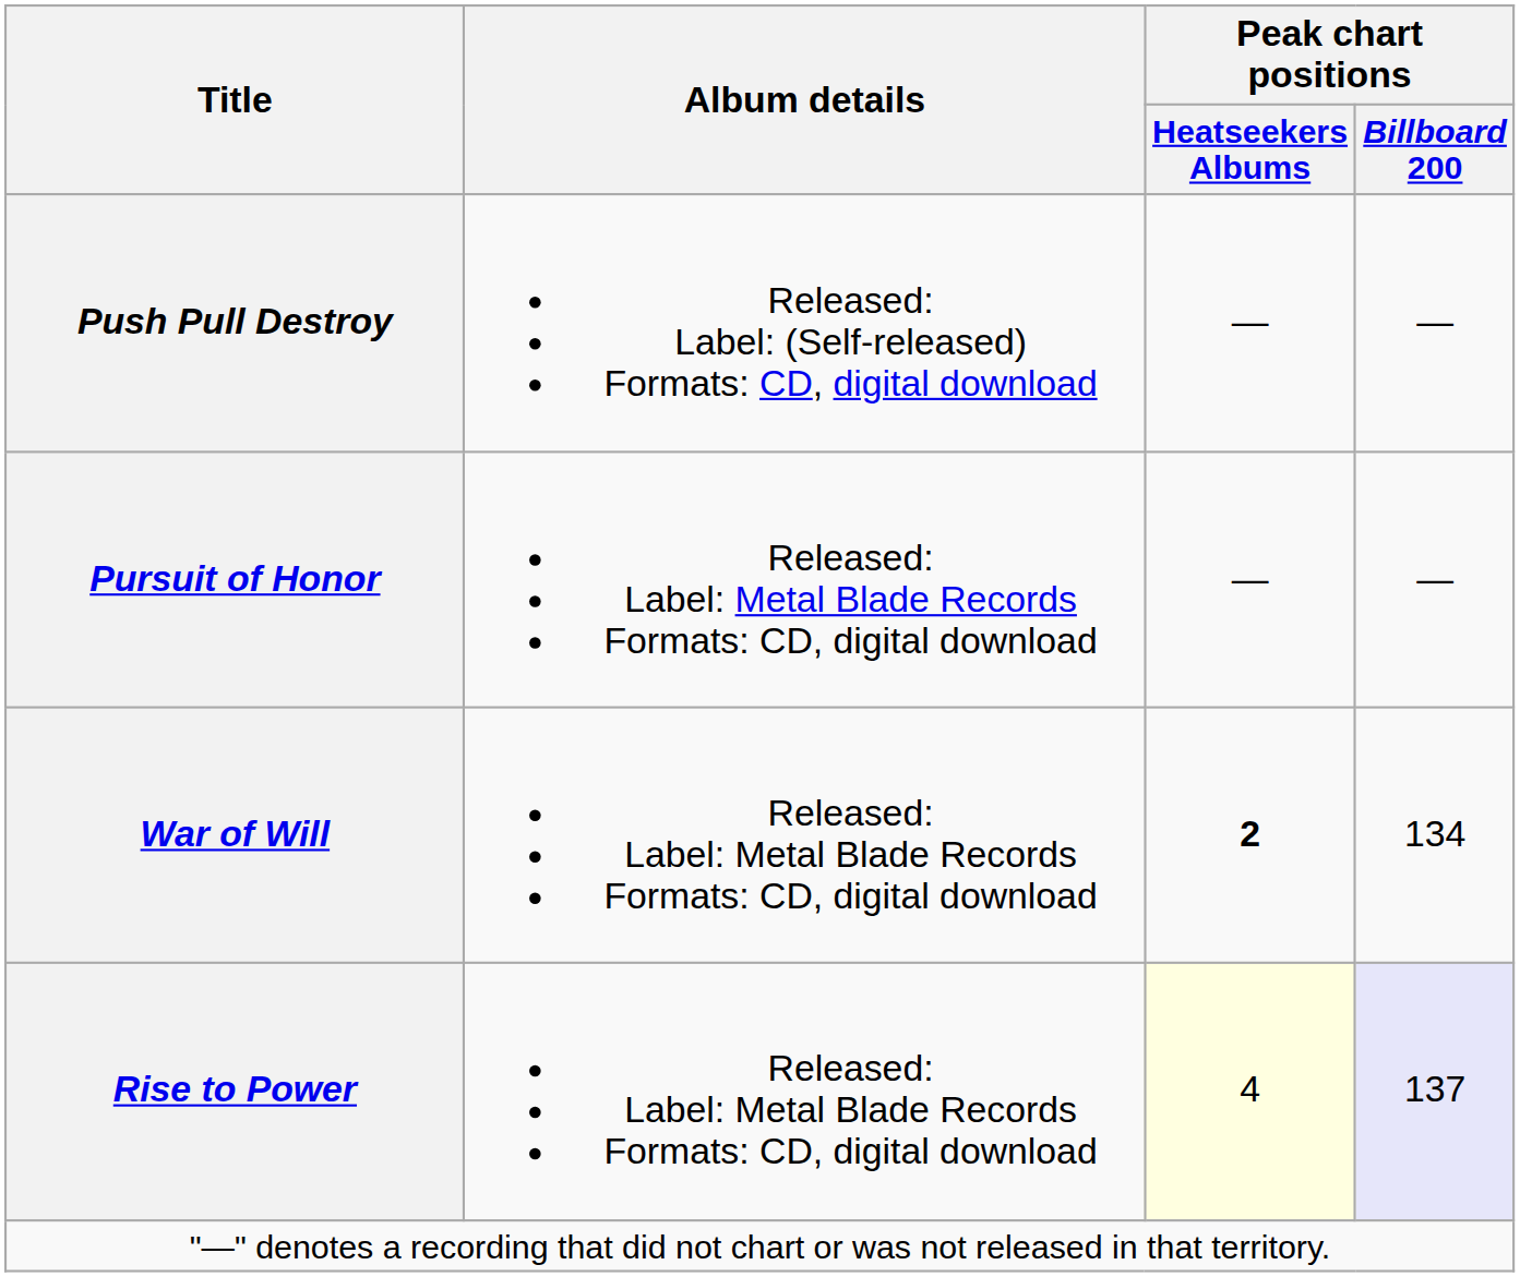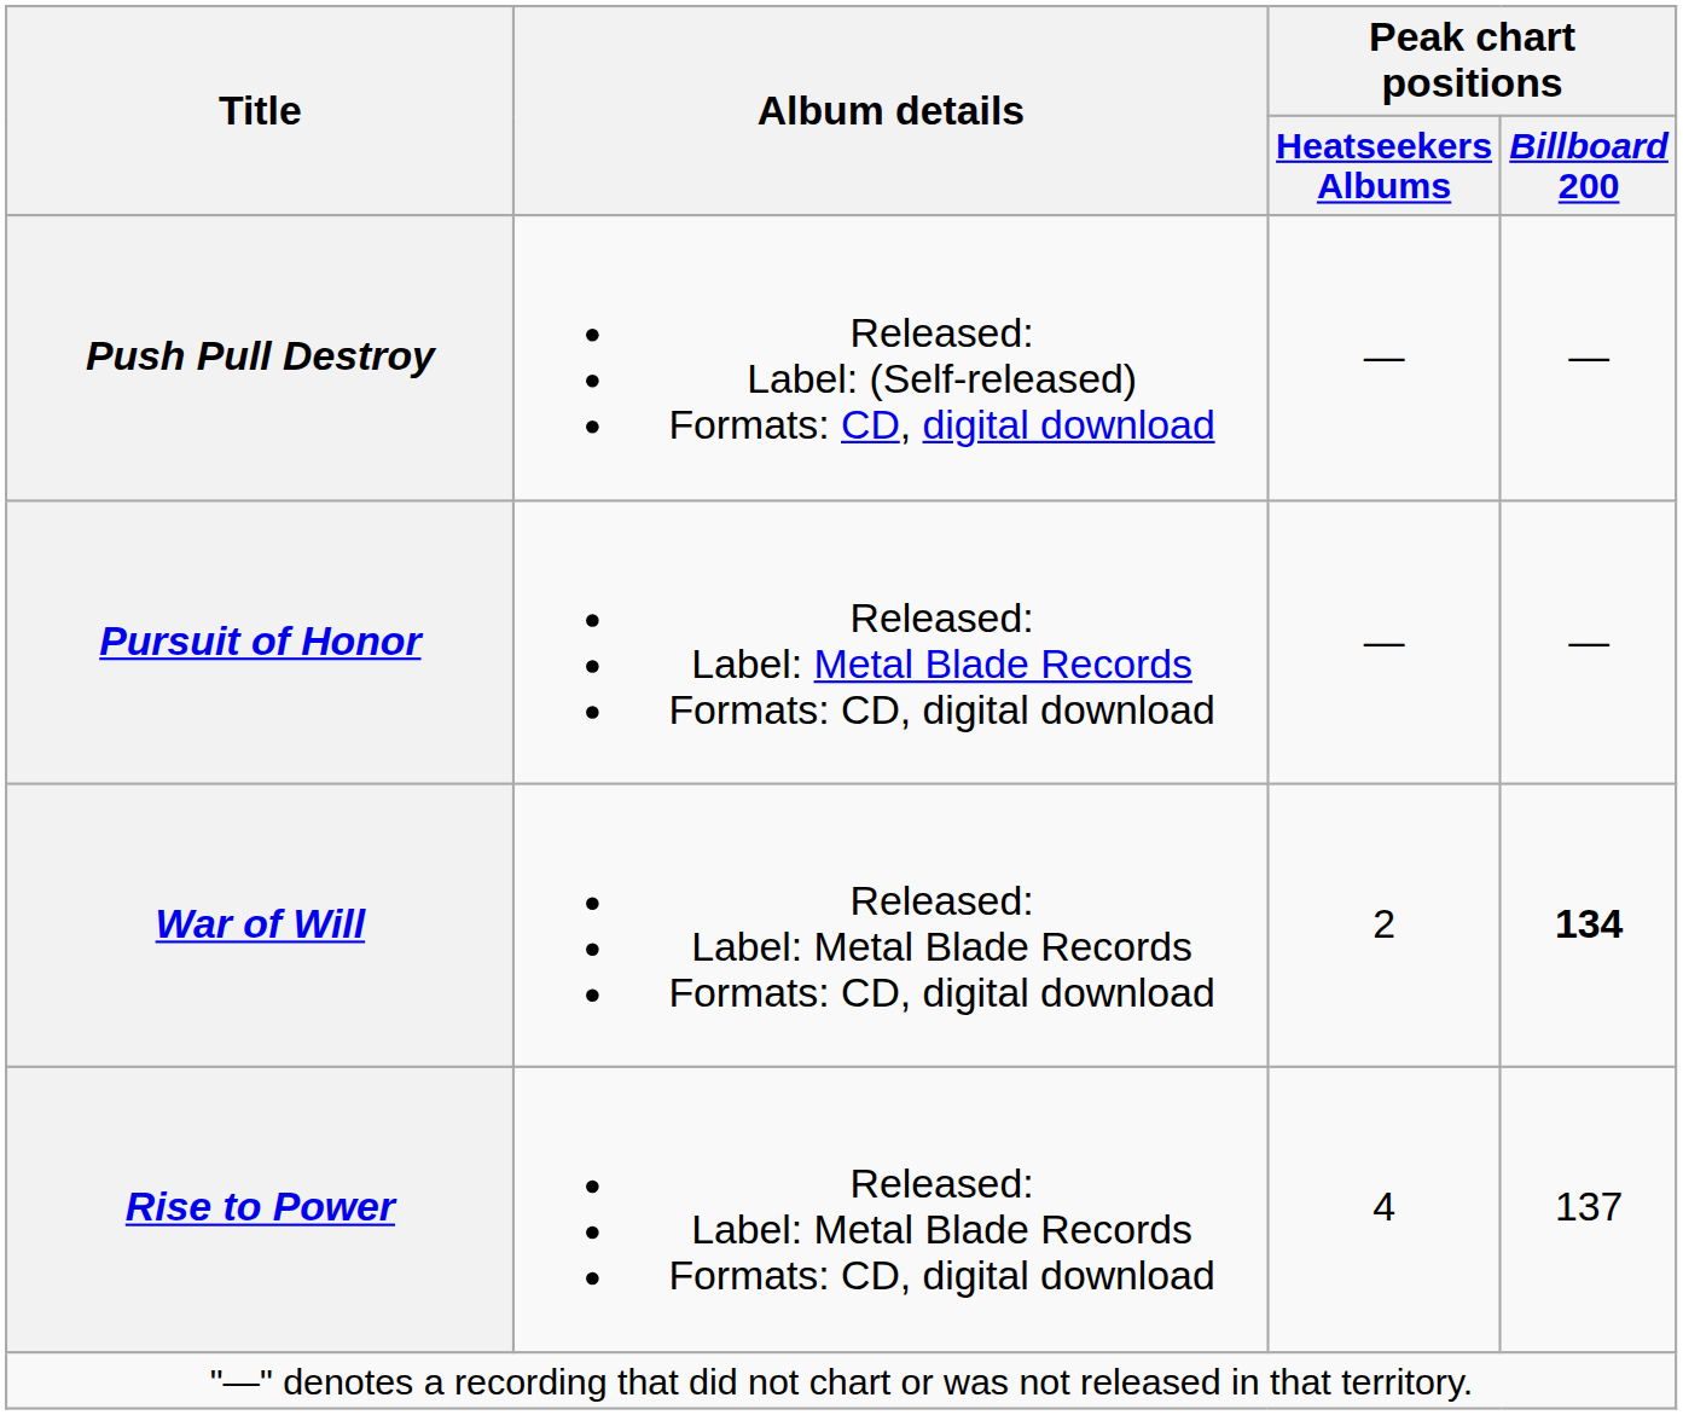 <table class="wikitable plainrowheaders" style="text-align:center;">
 <tr>
 <th scope="col" rowspan="2" style="width:12em;">Title</th>
 <th scope="col" rowspan="2" style="width:18em;">Album details</th>
 <th scope="col" colspan="2">Peak chart positions</th>
 </tr>
 <tr>
 <th scope="col" style="width:3em;font-size:90%;"><a href='#'>Heatseekers Albums</a><br></th>
 <th scope="col" style="width:3em;font-size:90%;"><a href='#'><em>Billboard</em> 200</a><br></th>
 </tr>
 <tr>
 <th scope="row"><em>Push Pull Destroy</em></th>
 <td><br><ul><li>Released: </li><li>Label: (Self-released)</li><li>Formats: <a href='#'>CD</a>, <a href='#'>digital download</a></li></ul></td>
 <td>—</td>
 <td>—</td>
 </tr>
 <tr>
 <th scope="row"><em><a href='#'>Pursuit of Honor</a></em></th>
 <td><br><ul><li>Released: </li><li>Label: <a href='#'>Metal Blade Records</a></li><li>Formats: CD, digital download</li></ul></td>
 <td>—</td>
 <td>—</td>
 </tr>
 <tr>
 <th scope="row"><em><a href='#'>War of Will</a></em></th>
 <td><br><ul><li>Released: </li><li>Label: Metal Blade Records</li><li>Formats: CD, digital download</li></ul></td>
-<td><strong>2</strong></td>
-<td>134</td>
+<td>2</td>
+<td><strong>134</strong></td>
 </tr>
 <tr>
 <th scope="row"><em><a href='#'>Rise to Power</a></em></th>
 <td><br><ul><li>Released: </li><li>Label: Metal Blade Records</li><li>Formats: CD, digital download</li></ul></td>
-<td style="background: lightyellow;">4</td>
-<td style="background: lavender;">137</td>
+<td>4</td>
+<td>137</td>
 </tr>
 <tr>
 <td colspan="6" style="font-size:90%">"—" denotes a recording that did not chart or was not released in that territory.</td>
 </tr>
 </table>
